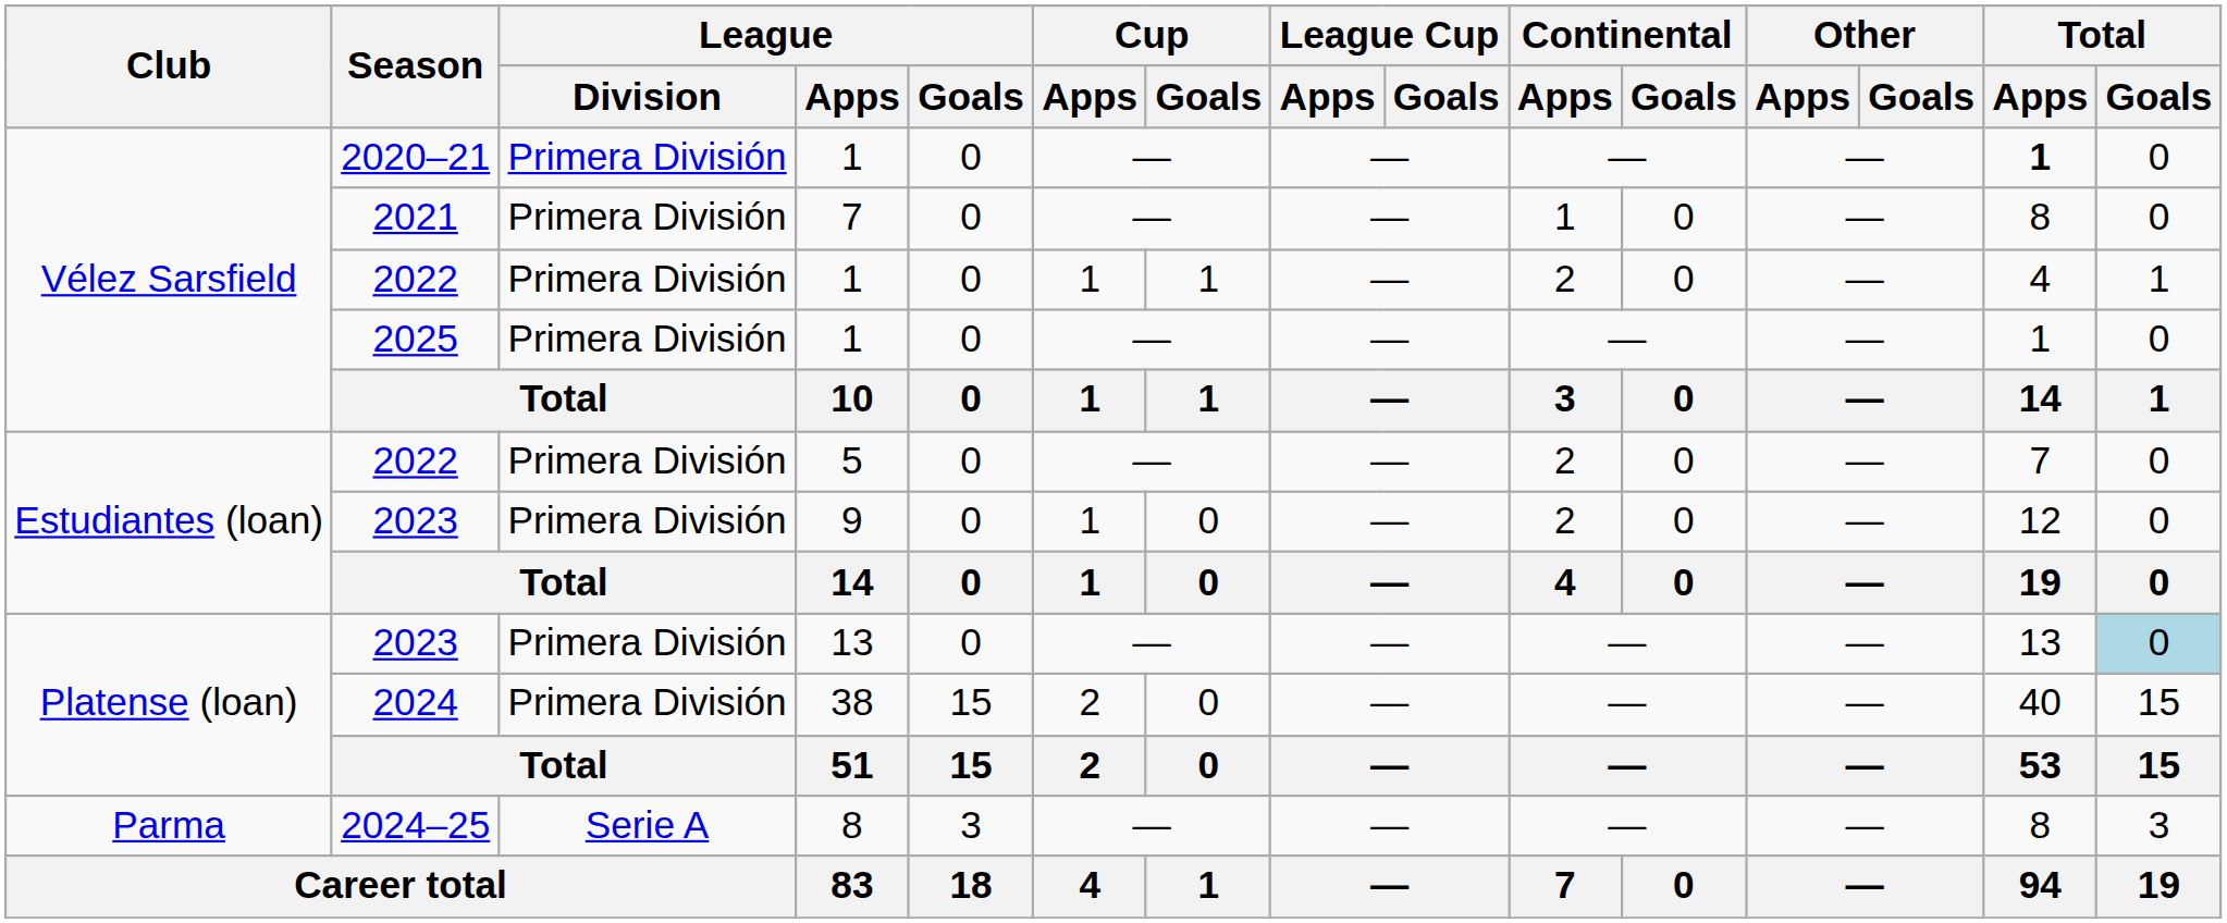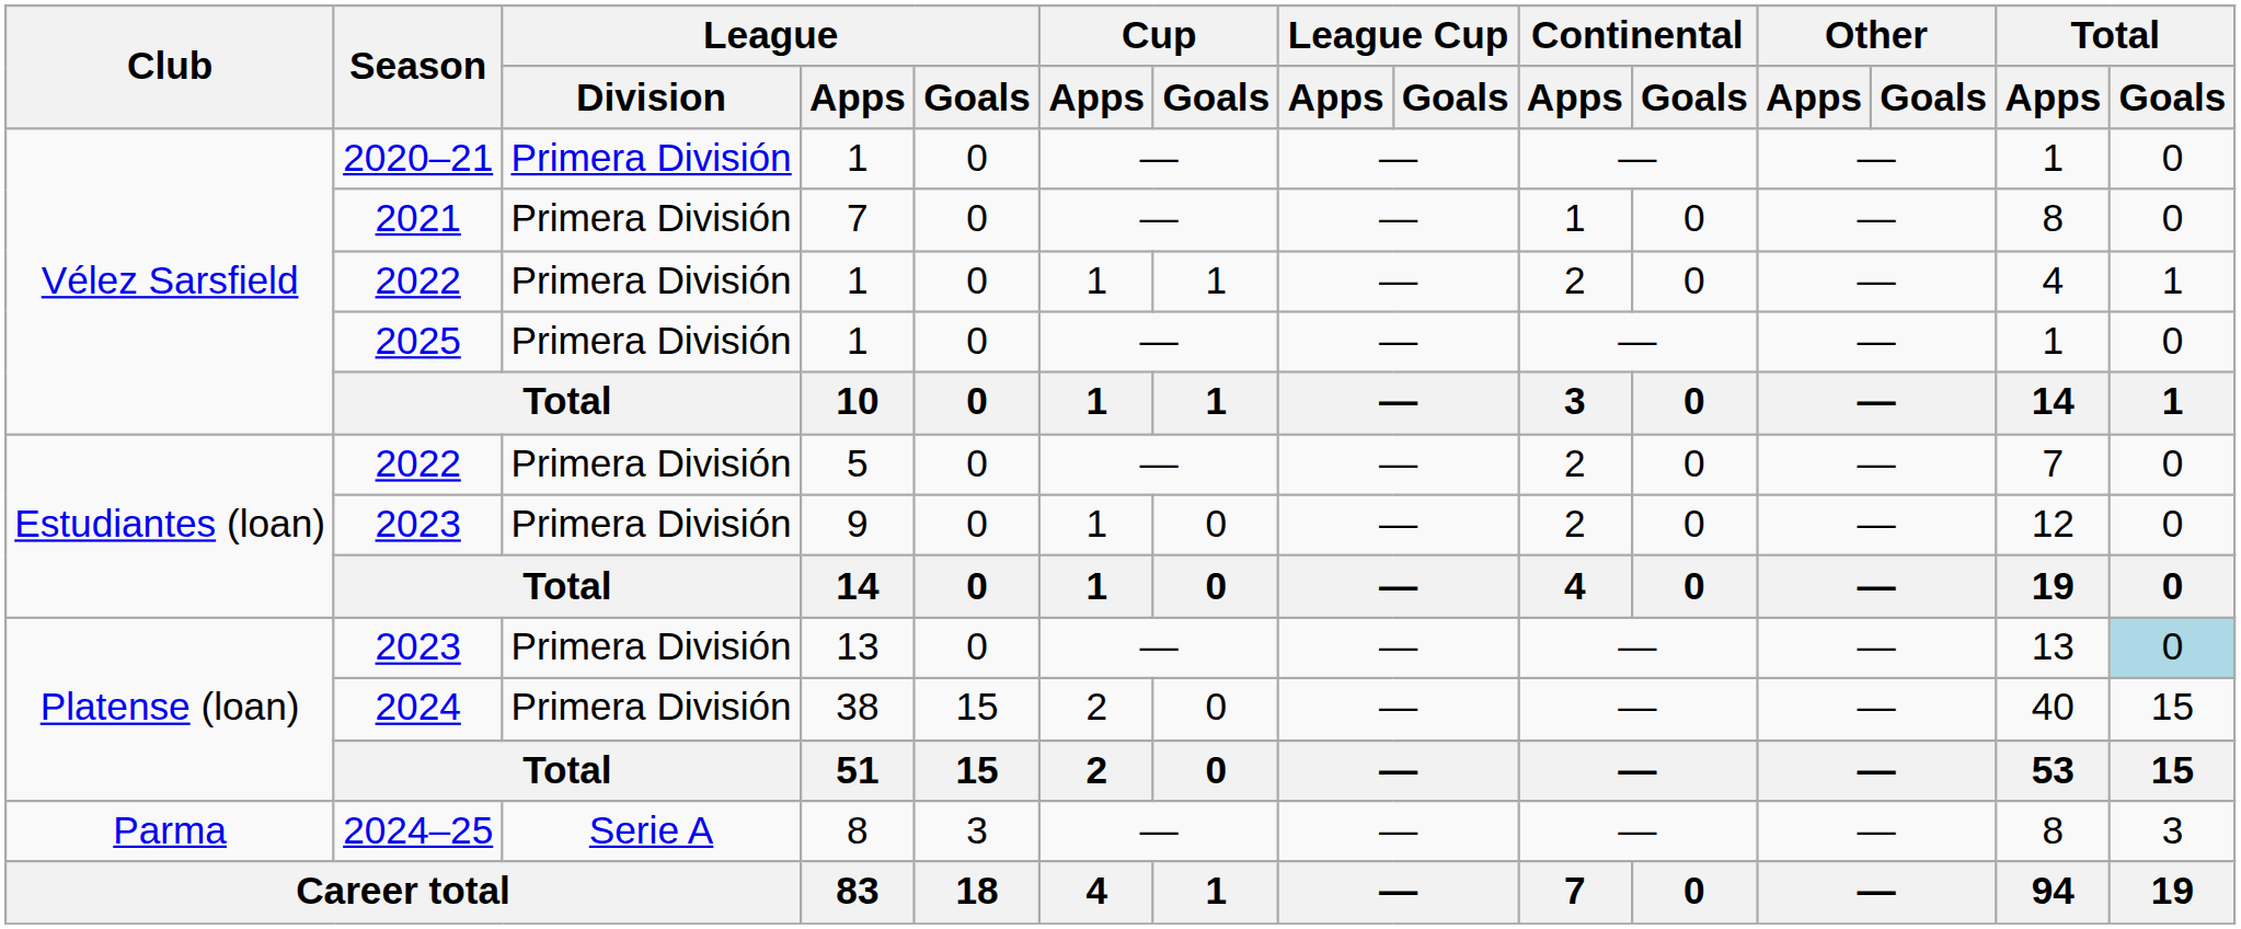 <table class="wikitable" style="text-align:center">
 <tr>
 <th rowspan="2">Club</th>
 <th rowspan="2">Season</th>
 <th colspan="3">League</th>
 <th colspan="2">Cup</th>
 <th colspan="2">League Cup</th>
 <th colspan="2">Continental</th>
 <th colspan="2">Other</th>
 <th colspan="2">Total</th>
 </tr>
 <tr>
 <th>Division</th>
 <th>Apps</th>
 <th>Goals</th>
 <th>Apps</th>
 <th>Goals</th>
 <th>Apps</th>
 <th>Goals</th>
 <th>Apps</th>
 <th>Goals</th>
 <th>Apps</th>
 <th>Goals</th>
 <th>Apps</th>
 <th>Goals</th>
 </tr>
 <tr>
 <td rowspan="5"><a href='#'>Vélez Sarsfield</a></td>
 <td><a href='#'>2020–21</a></td>
 <td><a href='#'>Primera División</a></td>
 <td>1</td>
 <td>0</td>
 <td colspan="2">—</td>
 <td colspan="2">—</td>
 <td colspan="2">—</td>
 <td colspan="2">—</td>
-<td><strong>1</strong></td>
+<td>1</td>
 <td>0</td>
 </tr>
 <tr>
 <td><a href='#'>2021</a></td>
 <td>Primera División</td>
 <td>7</td>
 <td>0</td>
 <td colspan="2">—</td>
 <td colspan="2">—</td>
 <td>1</td>
 <td>0</td>
 <td colspan="2">—</td>
 <td>8</td>
 <td>0</td>
 </tr>
 <tr>
 <td><a href='#'>2022</a></td>
 <td>Primera División</td>
 <td>1</td>
 <td>0</td>
 <td>1</td>
 <td>1</td>
 <td colspan="2">—</td>
 <td>2</td>
 <td>0</td>
 <td colspan="2">—</td>
 <td>4</td>
 <td>1</td>
 </tr>
 <tr>
 <td><a href='#'>2025</a></td>
 <td>Primera División</td>
 <td>1</td>
 <td>0</td>
 <td colspan="2">—</td>
 <td colspan="2">—</td>
 <td colspan="2">—</td>
 <td colspan="2">—</td>
 <td>1</td>
 <td>0</td>
 </tr>
 <tr>
 <th colspan="2">Total</th>
 <th>10</th>
 <th>0</th>
 <th>1</th>
 <th>1</th>
 <th colspan="2">—</th>
 <th>3</th>
 <th>0</th>
 <th colspan="2">—</th>
 <th>14</th>
 <th>1</th>
 </tr>
 <tr>
 <td rowspan="3"><a href='#'>Estudiantes</a> (loan)</td>
 <td><a href='#'>2022</a></td>
 <td>Primera División</td>
 <td>5</td>
 <td>0</td>
 <td colspan="2">—</td>
 <td colspan="2">—</td>
 <td>2</td>
 <td>0</td>
 <td colspan="2">—</td>
 <td>7</td>
 <td>0</td>
 </tr>
 <tr>
 <td><a href='#'>2023</a></td>
 <td>Primera División</td>
 <td>9</td>
 <td>0</td>
 <td>1</td>
 <td>0</td>
 <td colspan="2">—</td>
 <td>2</td>
 <td>0</td>
 <td colspan="2">—</td>
 <td>12</td>
 <td>0</td>
 </tr>
 <tr>
 <th colspan="2">Total</th>
 <th>14</th>
 <th>0</th>
 <th>1</th>
 <th>0</th>
 <th colspan="2">—</th>
 <th>4</th>
 <th>0</th>
 <th colspan="2">—</th>
 <th>19</th>
 <th>0</th>
 </tr>
 <tr>
 <td rowspan="3"><a href='#'>Platense</a> (loan)</td>
 <td><a href='#'>2023</a></td>
 <td>Primera División</td>
 <td>13</td>
 <td>0</td>
 <td colspan="2">—</td>
 <td colspan="2">—</td>
 <td colspan="2">—</td>
 <td colspan="2">—</td>
 <td>13</td>
 <td style="background: lightblue;">0</td>
 </tr>
 <tr>
 <td><a href='#'>2024</a></td>
 <td>Primera División</td>
 <td>38</td>
 <td>15</td>
 <td>2</td>
 <td>0</td>
 <td colspan="2">—</td>
 <td colspan="2">—</td>
 <td colspan="2">—</td>
 <td>40</td>
 <td>15</td>
 </tr>
 <tr>
 <th colspan="2">Total</th>
 <th>51</th>
 <th>15</th>
 <th>2</th>
 <th>0</th>
 <th colspan="2">—</th>
 <th colspan="2">—</th>
 <th colspan="2">—</th>
 <th>53</th>
 <th>15</th>
 </tr>
 <tr>
 <td><a href='#'>Parma</a></td>
 <td><a href='#'>2024–25</a></td>
 <td><a href='#'>Serie A</a></td>
 <td>8</td>
 <td>3</td>
 <td colspan="2">—</td>
 <td colspan="2">—</td>
 <td colspan="2">—</td>
 <td colspan="2">—</td>
 <td>8</td>
 <td>3</td>
 </tr>
 <tr>
 <th colspan="3">Career total</th>
 <th>83</th>
 <th>18</th>
 <th>4</th>
 <th>1</th>
 <th colspan="2">—</th>
 <th>7</th>
 <th>0</th>
 <th colspan="2">—</th>
 <th>94</th>
 <th>19</th>
 </tr>
 </table>
